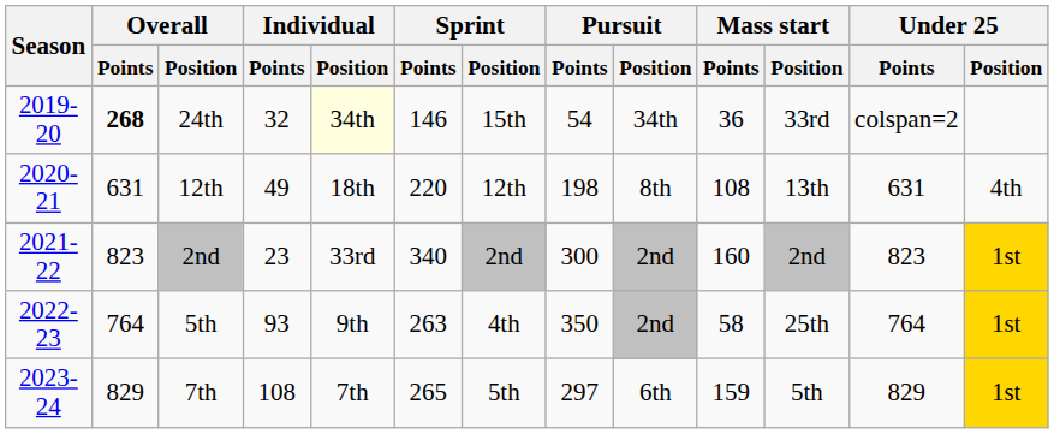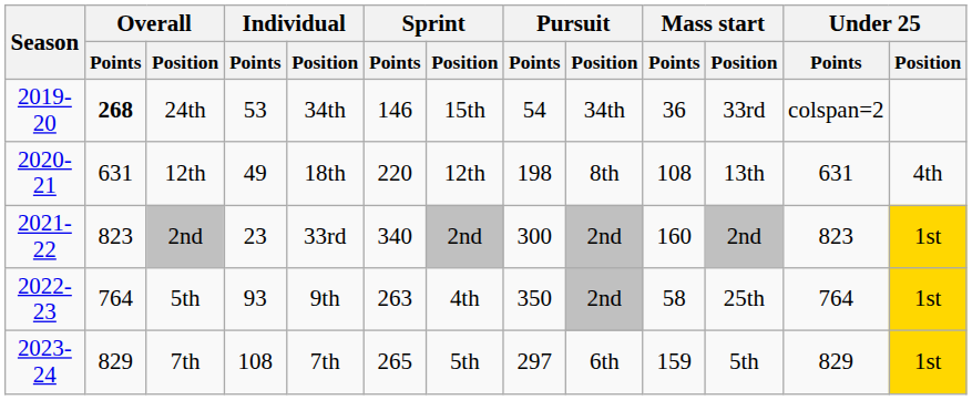 <table class="wikitable" style="text-align:center;" width="70%">
 <tr class="hintergrundfarbe5">
 <th rowspan="2" style="width:4%;">Season</th>
 <th colspan="2">Overall</th>
 <th colspan="2">Individual</th>
 <th colspan="2">Sprint</th>
 <th colspan="2">Pursuit</th>
 <th colspan="2">Mass start</th>
 <th colspan="2">Under 25</th>
 </tr>
 <tr class="hintergrundfarbe5">
 <th style="width:5%;"><small>Points</small></th>
 <th style="width:5%;"><small>Position</small></th>
 <th style="width:5%;"><small>Points</small></th>
 <th style="width:5%;"><small>Position</small></th>
 <th style="width:5%;"><small>Points</small></th>
 <th style="width:5%;"><small>Position</small></th>
 <th style="width:5%;"><small>Points</small></th>
 <th style="width:5%;"><small>Position</small></th>
 <th style="width:5%;"><small>Points</small></th>
 <th style="width:5%;"><small>Position</small></th>
 <th style="width:5%;"><small>Points</small></th>
 <th style="width:5%;"><small>Position</small></th>
 </tr>
 <tr>
 <td><a href='#'>2019-20</a></td>
 <td><strong>268</strong></td>
 <td>24th</td>
-<td>32</td>
-<td style="background: lightyellow;">34th</td>
+<td>53</td>
+<td>34th</td>
 <td>146</td>
 <td>15th</td>
 <td>54</td>
 <td>34th</td>
 <td>36</td>
 <td>33rd</td>
 <td>colspan=2 </td>
 </tr>
 <tr>
 <td><a href='#'>2020-21</a></td>
 <td>631</td>
 <td>12th</td>
 <td>49</td>
 <td>18th</td>
 <td>220</td>
 <td>12th</td>
 <td>198</td>
 <td>8th</td>
 <td>108</td>
 <td>13th</td>
 <td>631</td>
 <td>4th</td>
 </tr>
 <tr>
 <td><a href='#'>2021-22</a></td>
 <td>823</td>
 <td bgcolor="silver">2nd</td>
 <td>23</td>
 <td>33rd</td>
 <td>340</td>
 <td bgcolor="silver">2nd</td>
 <td>300</td>
 <td bgcolor="silver">2nd</td>
 <td>160</td>
 <td bgcolor="silver">2nd</td>
 <td>823</td>
 <td bgcolor="gold">1st</td>
 </tr>
 <tr>
 <td><a href='#'>2022-23</a></td>
 <td>764</td>
 <td>5th</td>
 <td>93</td>
 <td>9th</td>
 <td>263</td>
 <td>4th</td>
 <td>350</td>
 <td bgcolor="silver">2nd</td>
 <td>58</td>
 <td>25th</td>
 <td>764</td>
 <td bgcolor="gold">1st</td>
 </tr>
 <tr>
 <td><a href='#'>2023-24</a></td>
 <td>829</td>
 <td>7th</td>
 <td>108</td>
 <td>7th</td>
 <td>265</td>
 <td>5th</td>
 <td>297</td>
 <td>6th</td>
 <td>159</td>
 <td>5th</td>
 <td>829</td>
 <td bgcolor="gold">1st</td>
 </tr>
 </table>
